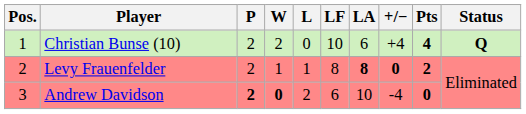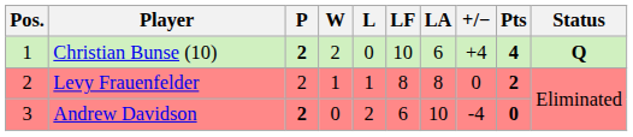 <table class="wikitable" style="text-align:center; margin: 1em auto 1em auto, align:left">
 <tr>
 <th width=20>Pos.</th>
 <th width=185>Player</th>
 <th width=20>P</th>
 <th width=20>W</th>
 <th width=20>L</th>
 <th width=20>LF</th>
 <th width=20>LA</th>
 <th width=25>+/−</th>
 <th width=20>Pts</th>
 <th width=70>Status</th>
 </tr>
 <tr style="background:#D0F0C0;">
 <td>1</td>
 <td align=left> <a href='#'>Christian Bunse</a> (10)</td>
-<td>2</td>
+<td><strong>2</strong></td>
 <td>2</td>
 <td>0</td>
 <td>10</td>
 <td>6</td>
 <td>+4</td>
 <td><strong>4</strong></td>
 <td rowspan=1><strong>Q</strong></td>
 </tr>
 <tr style="background:#FF8888;">
 <td>2</td>
 <td align=left> <a href='#'>Levy Frauenfelder</a></td>
 <td>2</td>
 <td>1</td>
 <td>1</td>
 <td>8</td>
-<td><strong>8</strong></td>
-<td><strong>0</strong></td>
+<td>8</td>
+<td>0</td>
 <td><strong>2</strong></td>
 <td rowspan=2>Eliminated</td>
 </tr>
 <tr style="background:#FF8888;">
 <td>3</td>
 <td align=left> <a href='#'>Andrew Davidson</a></td>
 <td><strong>2</strong></td>
-<td><strong>0</strong></td>
+<td>0</td>
 <td>2</td>
 <td>6</td>
 <td>10</td>
 <td>-4</td>
 <td><strong>0</strong></td>
 </tr>
 </table>
